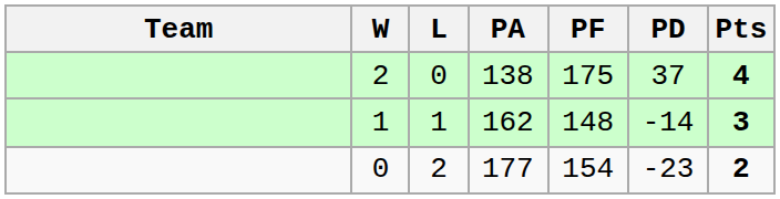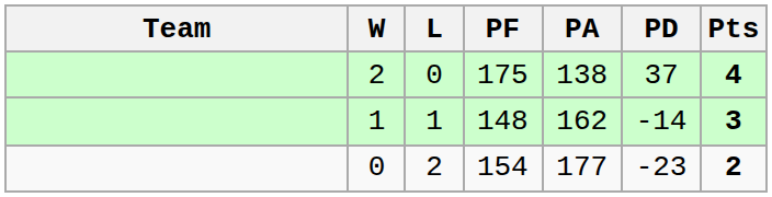 <table class="wikitable" style="text-align:center;">
 <tr>
 <th width=150>Team</th>
 <th width=20>W</th>
 <th width=20>L</th>
+<th width=30>PF</th>
 <th width=30>PA</th>
-<th width=30>PF</th>
 <th width=30>PD</th>
 <th width=20>Pts</th>
 </tr>
 <tr bgcolor="#ccffcc">
 <td align="left"></td>
 <td>2</td>
 <td>0</td>
+<td>175</td>
 <td>138</td>
-<td>175</td>
 <td>37</td>
 <td><strong>4</strong></td>
 </tr>
 <tr bgcolor="#ccffcc">
 <td align="left"></td>
 <td>1</td>
 <td>1</td>
+<td>148</td>
 <td>162</td>
-<td>148</td>
 <td>-14</td>
 <td><strong>3</strong></td>
 </tr>
 <tr>
 <td align="left"></td>
 <td>0</td>
 <td>2</td>
+<td>154</td>
 <td>177</td>
-<td>154</td>
 <td>-23</td>
 <td><strong>2</strong></td>
 </tr>
 </table>
